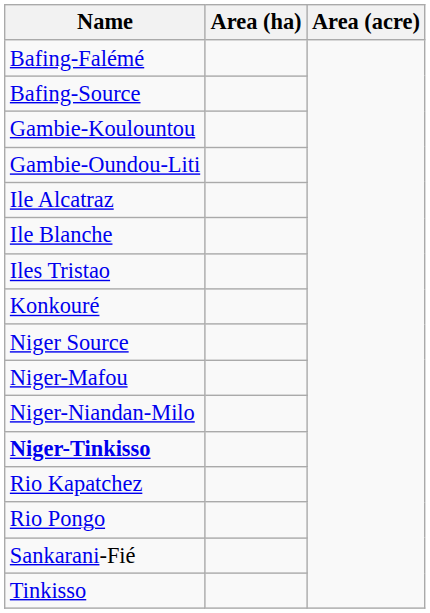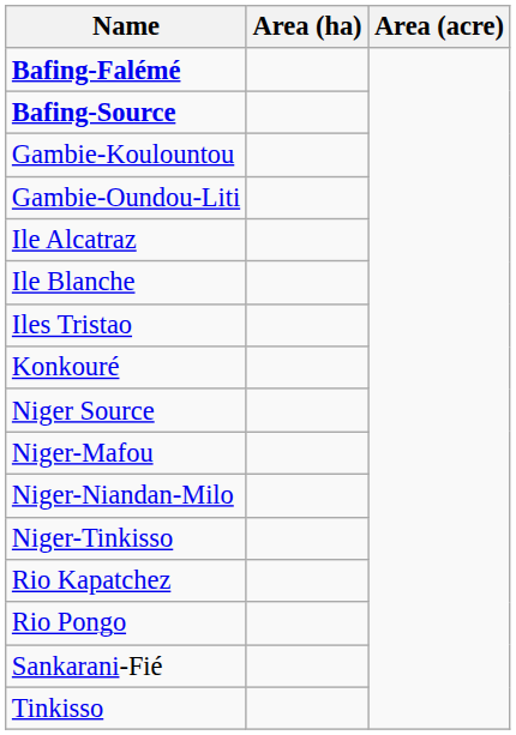 <table class="wikitable sortable">
 <tr>
 <th scope="col" align=left>Name</th>
 <th scope="col">Area (ha)</th>
 <th scope="col">Area (acre)</th>
 </tr>
 <tr ---->
-<td><a href='#'>Bafing-Falémé</a></td>
+<td><strong><a href='#'>Bafing-Falémé</a></strong></td>
 <td></td>
 </tr>
 <tr ---->
-<td><a href='#'>Bafing-Source</a></td>
+<td><strong><a href='#'>Bafing-Source</a></strong></td>
 <td></td>
 </tr>
 <tr ---->
 <td><a href='#'>Gambie-Koulountou</a></td>
 <td></td>
 </tr>
 <tr ---->
 <td><a href='#'>Gambie-Oundou-Liti</a></td>
 <td></td>
 </tr>
 <tr ---->
 <td><a href='#'>Ile Alcatraz</a></td>
 <td></td>
 </tr>
 <tr ---->
 <td><a href='#'>Ile Blanche</a></td>
 <td></td>
 </tr>
 <tr ---->
 <td><a href='#'>Iles Tristao</a></td>
 <td></td>
 </tr>
 <tr ---->
 <td><a href='#'>Konkouré</a></td>
 <td></td>
 </tr>
 <tr ---->
 <td><a href='#'>Niger Source</a></td>
 <td></td>
 </tr>
 <tr ---->
 <td><a href='#'>Niger-Mafou</a></td>
 <td></td>
 </tr>
 <tr ---->
 <td><a href='#'>Niger-Niandan-Milo</a></td>
 <td></td>
 </tr>
 <tr ---->
-<td><strong><a href='#'>Niger-Tinkisso</a></strong></td>
+<td><a href='#'>Niger-Tinkisso</a></td>
 <td></td>
 </tr>
 <tr ---->
 <td><a href='#'>Rio Kapatchez</a></td>
 <td></td>
 </tr>
 <tr ---->
 <td><a href='#'>Rio Pongo</a></td>
 <td></td>
 </tr>
 <tr ---->
 <td><a href='#'>Sankarani</a>-Fié</td>
 <td></td>
 </tr>
 <tr ---->
 <td><a href='#'>Tinkisso</a></td>
 <td></td>
 </tr>
 </table>
